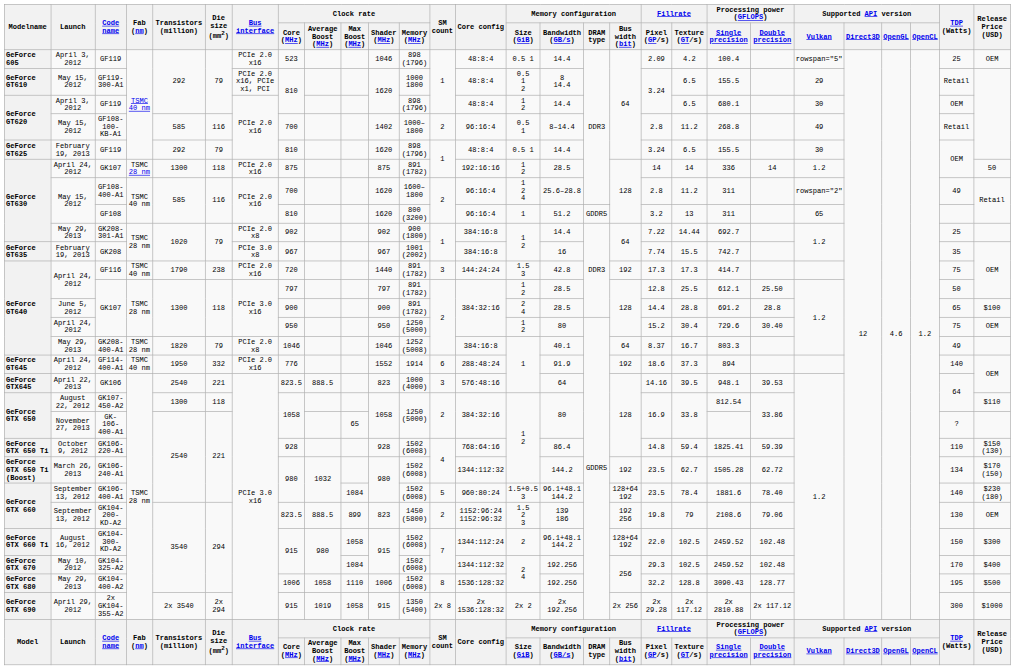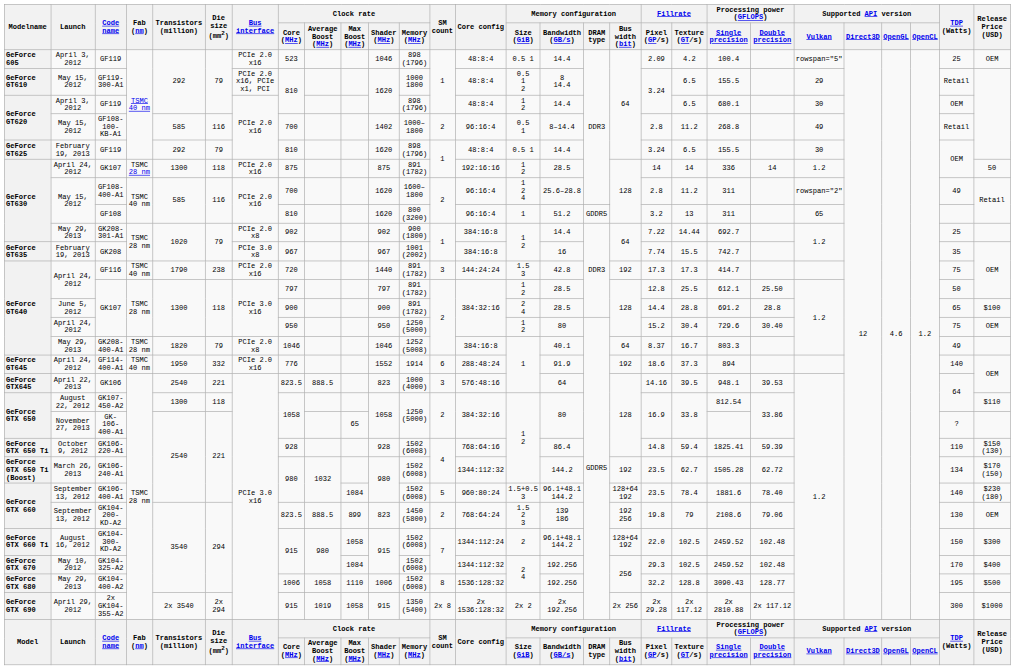 <table class="mw-datatable wikitable sortable sort-under" style="font-size:85%; text-align:center;">
 <tr>
 <th rowspan="2">Modelname</th>
 <th rowspan="2">Launch</th>
 <th rowspan="2"><a href='#'>Code name</a></th>
 <th rowspan="2">Fab (<a href='#'>nm</a>)</th>
 <th rowspan="2">Transistors (million)</th>
 <th rowspan="2">Die size (mm<sup>2</sup>)</th>
 <th rowspan="2"><a href='#'>Bus</a> <a href='#'>interface</a></th>
 <th colspan="5">Clock rate</th>
 <th rowspan="2">SM count</th>
 <th rowspan="2">Core config </th>
 <th colspan="4">Memory configuration</th>
 <th colspan="2"><a href='#'>Fillrate</a></th>
 <th colspan="2">Processing power (<a href='#'>GFLOPS</a>) </th>
 <th colspan="4">Supported <a href='#'>API</a> version</th>
 <th rowspan="2"><a href='#'>TDP</a> (Watts)</th>
 <th rowspan="2">Release Price (USD)</th>
 </tr>
 <tr>
 <th>Core (<a href='#'>MHz</a>)</th>
 <th>Average Boost (<a href='#'>MHz</a>)</th>
 <th>Max Boost (<a href='#'>MHz</a>)</th>
 <th>Shader (<a href='#'>MHz</a>)</th>
 <th>Memory (<a href='#'>MHz</a>)</th>
 <th>Size (<a href='#'>GiB</a>)</th>
 <th>Bandwidth (<a href='#'>GB/s</a>)</th>
 <th>DRAM type</th>
 <th>Bus width (<a href='#'>bit</a>)</th>
 <th>Pixel (<a href='#'>GP</a>/s)</th>
 <th>Texture (<a href='#'>GT</a>/s)</th>
 <th><a href='#'>Single precision</a></th>
 <th><a href='#'>Double precision</a></th>
 <th><a href='#'>Vulkan</a> </th>
 <th><a href='#'>Direct3D</a></th>
 <th><a href='#'>OpenGL</a></th>
 <th><a href='#'>OpenCL</a></th>
 </tr>
 <tr>
 <th style="text-align:left;">GeForce 605 </th>
 <td>April 3, 2012</td>
 <td>GF119</td>
 <td rowspan="5"><a href='#'>TSMC</a> <br><a href='#'>40 nm</a></td>
 <td rowspan="3">292</td>
 <td rowspan="3">79</td>
 <td>PCIe 2.0 x16</td>
 <td>523</td>
 <td></td>
 <td></td>
 <td>1046</td>
 <td>898<br>(1796)</td>
 <td rowspan="3">1</td>
 <td>48:8:4</td>
 <td>0.5 1</td>
 <td>14.4</td>
 <td rowspan="7">DDR3</td>
 <td rowspan="5">64</td>
 <td>2.09</td>
 <td>4.2</td>
 <td>100.4</td>
 <td></td>
 <td>rowspan="5" </td>
 <td rowspan="27">12</td>
 <td rowspan="27">4.6</td>
 <td rowspan="27">1.2</td>
 <td>25</td>
 <td>OEM</td>
 </tr>
 <tr>
 <th style="text-align:left;">GeForce GT610 </th>
 <td>May 15, 2012</td>
 <td>GF119-300-A1</td>
 <td>PCIe 2.0 x16, PCIe x1, PCI</td>
 <td rowspan="2">810</td>
 <td></td>
 <td></td>
 <td rowspan="2">1620</td>
 <td>1000<br>1800</td>
 <td>48:8:4</td>
 <td>0.5<br>1<br>2</td>
 <td>8<br>14.4</td>
 <td rowspan="2">3.24</td>
 <td>6.5</td>
 <td>155.5</td>
 <td></td>
 <td>29</td>
 <td>Retail</td>
 </tr>
 <tr>
 <th rowspan="2" style="text-align:left;">GeForce GT620 </th>
 <td>April 3, 2012</td>
 <td>GF119</td>
 <td rowspan="3">PCIe 2.0 x16</td>
 <td></td>
 <td></td>
 <td>898<br>(1796)</td>
 <td>48:8:4</td>
 <td>1<br>2</td>
 <td>14.4</td>
 <td>6.5</td>
 <td>680.1</td>
 <td></td>
 <td>30</td>
 <td>OEM</td>
 </tr>
 <tr>
 <td>May 15, 2012</td>
 <td>GF108-100-KB-A1</td>
 <td>585</td>
 <td>116</td>
 <td>700</td>
 <td></td>
 <td></td>
 <td>1402</td>
 <td>1000–1800</td>
 <td>2</td>
 <td>96:16:4</td>
 <td>0.5<br>1</td>
 <td>8–14.4</td>
 <td>2.8</td>
 <td>11.2</td>
 <td>268.8</td>
 <td></td>
 <td>49</td>
 <td>Retail</td>
 </tr>
 <tr>
 <th style="text-align:left;">GeForce GT625</th>
 <td>February 19, 2013</td>
 <td>GF119</td>
 <td>292</td>
 <td>79</td>
 <td>810</td>
 <td></td>
 <td></td>
 <td>1620</td>
 <td>898<br>(1796)</td>
 <td rowspan="2">1</td>
 <td>48:8:4</td>
 <td>0.5 1</td>
 <td>14.4</td>
 <td>3.24</td>
 <td>6.5</td>
 <td>155.5</td>
 <td></td>
 <td>30</td>
 <td rowspan="2">OEM</td>
 </tr>
 <tr>
 <th rowspan="4" style="text-align:left;">GeForce GT630 </th>
 <td>April 24, 2012</td>
 <td>GK107</td>
 <td>TSMC <a href='#'>28 nm</a></td>
 <td>1300</td>
 <td>118</td>
 <td>PCIe 2.0 x16</td>
 <td>875</td>
 <td></td>
 <td></td>
 <td>875</td>
 <td>891<br>(1782)</td>
 <td>192:16:16</td>
 <td>1<br>2</td>
 <td>28.5</td>
 <td rowspan="3">128</td>
 <td>14</td>
 <td>14</td>
 <td>336</td>
 <td>14</td>
 <td>1.2</td>
 <td>50</td>
 </tr>
 <tr>
 <td rowspan="2">May 15, 2012</td>
 <td>GF108-400-A1</td>
 <td rowspan="2">TSMC <br>40 nm</td>
 <td rowspan="2">585</td>
 <td rowspan="2">116</td>
 <td rowspan="2">PCIe 2.0 x16</td>
 <td>700</td>
 <td></td>
 <td></td>
 <td>1620</td>
 <td>1600–1800</td>
 <td rowspan="2">2</td>
 <td>96:16:4</td>
 <td>1<br>2<br>4</td>
 <td>25.6–28.8</td>
 <td>2.8</td>
 <td>11.2</td>
 <td>311</td>
 <td></td>
 <td>rowspan="2" </td>
 <td>49</td>
 <td rowspan="2">Retail</td>
 </tr>
 <tr>
 <td>GF108</td>
 <td>810</td>
 <td></td>
 <td></td>
 <td>1620</td>
 <td>800<br>(3200)</td>
 <td>96:16:4</td>
 <td>1</td>
 <td>51.2</td>
 <td>GDDR5</td>
 <td>3.2</td>
 <td>13</td>
 <td>311</td>
 <td></td>
 <td>65</td>
 </tr>
 <tr>
 <td>May 29, 2013</td>
 <td>GK208-301-A1</td>
 <td rowspan="2">TSMC <br>28 nm</td>
 <td rowspan="2">1020</td>
 <td rowspan="2">79</td>
 <td>PCIe 2.0 x8</td>
 <td>902</td>
 <td></td>
 <td></td>
 <td>902</td>
 <td>900<br>(1800)</td>
 <td rowspan="2">1</td>
 <td>384:16:8</td>
 <td rowspan="2">1<br>2</td>
 <td>14.4</td>
 <td rowspan="5">DDR3</td>
 <td rowspan="2">64</td>
 <td>7.22</td>
 <td>14.44</td>
 <td>692.7</td>
 <td></td>
 <td rowspan="2">1.2</td>
 <td>25</td>
 <td></td>
 </tr>
 <tr>
 <th style="text-align:left;">GeForce GT635</th>
 <td>February 19, 2013</td>
 <td>GK208</td>
 <td>PCIe 3.0 x8</td>
 <td>967</td>
 <td></td>
 <td></td>
 <td>967</td>
 <td>1001<br>(2002)</td>
 <td>384:16:8</td>
 <td>16</td>
 <td>7.74</td>
 <td>15.5</td>
 <td>742.7</td>
 <td></td>
 <td>35</td>
 <td rowspan="3">OEM</td>
 </tr>
 <tr>
 <th rowspan="5" style="text-align:left;">GeForce GT640 </th>
 <td rowspan="2">April 24, 2012</td>
 <td>GF116</td>
 <td>TSMC <br>40 nm</td>
 <td>1790</td>
 <td>238</td>
 <td>PCIe 2.0 x16</td>
 <td>720</td>
 <td></td>
 <td></td>
 <td>1440</td>
 <td>891<br>(1782)</td>
 <td>3</td>
 <td>144:24:24</td>
 <td>1.5<br>3</td>
 <td>42.8</td>
 <td>192</td>
 <td>17.3</td>
 <td>17.3</td>
 <td>414.7</td>
 <td></td>
 <td></td>
 <td>75</td>
 </tr>
 <tr>
 <td rowspan="3">GK107</td>
 <td rowspan="3">TSMC <br>28 nm</td>
 <td rowspan="3">1300</td>
 <td rowspan="3">118</td>
 <td rowspan="3">PCIe 3.0 x16</td>
 <td>797</td>
 <td></td>
 <td></td>
 <td>797</td>
 <td>891<br>(1782)</td>
 <td rowspan="4">2</td>
 <td rowspan="3">384:32:16</td>
 <td>1<br>2</td>
 <td>28.5</td>
 <td rowspan="3">128</td>
 <td>12.8</td>
 <td>25.5</td>
 <td>612.1</td>
 <td>25.50</td>
 <td rowspan="4">1.2</td>
 <td>50</td>
 </tr>
 <tr>
 <td>June 5, 2012</td>
 <td>900</td>
 <td></td>
 <td></td>
 <td>900</td>
 <td>891<br>(1782)</td>
 <td>2<br>4</td>
 <td>28.5</td>
 <td>14.4</td>
 <td>28.8</td>
 <td>691.2</td>
 <td>28.8</td>
 <td>65</td>
 <td>$100</td>
 </tr>
 <tr>
 <td>April 24, 2012</td>
 <td>950</td>
 <td></td>
 <td></td>
 <td>950</td>
 <td>1250<br>(5000)</td>
 <td>1<br>2</td>
 <td>80</td>
 <td rowspan="14">GDDR5</td>
 <td>15.2</td>
 <td>30.4</td>
 <td>729.6</td>
 <td>30.40</td>
 <td>75</td>
 <td>OEM</td>
 </tr>
 <tr>
 <td>May 29, 2013</td>
 <td>GK208-400-A1</td>
 <td>TSMC <br>28 nm</td>
 <td>1820</td>
 <td>79</td>
 <td>PCIe 2.0 x8</td>
 <td>1046</td>
 <td></td>
 <td></td>
 <td>1046</td>
 <td>1252<br>(5008)</td>
 <td>384:16:8</td>
 <td rowspan="3">1</td>
 <td>40.1</td>
 <td>64</td>
 <td>8.37</td>
 <td>16.7</td>
 <td>803.3</td>
 <td></td>
 <td>49</td>
 <td></td>
 </tr>
 <tr>
 <th style="text-align:left;">GeForce GT645 </th>
 <td>April 24, 2012</td>
 <td>GF114-400-A1</td>
 <td>TSMC <br>40 nm</td>
 <td>1950</td>
 <td>332</td>
 <td>PCIe 2.0 x16</td>
 <td>776</td>
 <td></td>
 <td></td>
 <td>1552</td>
 <td>1914</td>
 <td>6</td>
 <td>288:48:24</td>
 <td>91.9</td>
 <td>192</td>
 <td>18.6</td>
 <td>37.3</td>
 <td>894</td>
 <td></td>
 <td></td>
 <td>140</td>
 <td rowspan="2">OEM</td>
 </tr>
 <tr>
 <th style="text-align:left;">GeForce GTX645</th>
 <td>April 22, 2013</td>
 <td>GK106</td>
 <td rowspan="11">TSMC <br>28 nm</td>
 <td>2540</td>
 <td>221</td>
 <td rowspan="11">PCIe 3.0 x16</td>
 <td>823.5</td>
 <td>888.5</td>
 <td></td>
 <td>823</td>
 <td>1000<br>(4000)</td>
 <td>3</td>
 <td>576:48:16</td>
 <td>64</td>
 <td rowspan="4">128</td>
 <td>14.16</td>
 <td>39.5</td>
 <td>948.1</td>
 <td>39.53</td>
 <td rowspan="11">1.2</td>
 <td rowspan="2">64</td>
 </tr>
 <tr>
 <th rowspan="2" style="text-align:left;">GeForce GTX 650</th>
 <td>August 22, 2012</td>
 <td>GK107-450-A2</td>
 <td>1300</td>
 <td>118</td>
 <td rowspan="2">1058</td>
 <td></td>
 <td></td>
 <td rowspan="2">1058</td>
 <td rowspan="2">1250<br>(5000)</td>
 <td rowspan="2">2</td>
 <td rowspan="2">384:32:16</td>
 <td rowspan="4">1<br>2</td>
 <td rowspan="2">80</td>
 <td rowspan="2">16.9</td>
 <td rowspan="2">33.8</td>
 <td>812.54</td>
 <td rowspan="2">33.86</td>
 <td>$110</td>
 </tr>
 <tr>
 <td>November 27, 2013 </td>
 <td>GK-106-400-A1</td>
 <td rowspan="4">2540</td>
 <td rowspan="4">221</td>
 <td></td>
 <td>65</td>
 <td></td>
 <td>?</td>
 </tr>
 <tr>
 <th style="text-align:left;">GeForce GTX 650 Ti</th>
 <td>October 9, 2012</td>
 <td>GK106-220-A1</td>
 <td>928</td>
 <td></td>
 <td></td>
 <td>928</td>
 <td>1502<br>(6008)</td>
 <td rowspan="2">4</td>
 <td>768:64:16</td>
 <td>86.4</td>
 <td>14.8</td>
 <td>59.4</td>
 <td>1825.41</td>
 <td>59.39</td>
 <td>110</td>
 <td>$150 (130)</td>
 </tr>
 <tr>
 <th style="text-align:left;">GeForce GTX 650 Ti (Boost)</th>
 <td>March 26, 2013</td>
 <td>GK106-240-A1</td>
 <td rowspan="2">980</td>
 <td rowspan="2">1032</td>
 <td></td>
 <td rowspan="2">980</td>
 <td>1502<br>(6008)</td>
 <td>1344:112:32</td>
 <td>144.2</td>
 <td>192</td>
 <td>23.5</td>
 <td>62.7</td>
 <td>1505.28</td>
 <td>62.72</td>
 <td>134</td>
 <td>$170 (150)</td>
 </tr>
 <tr>
 <th rowspan="2" style="text-align:left;">GeForce GTX 660</th>
 <td>September 13, 2012</td>
 <td>GK106-400-A1</td>
 <td>1084</td>
 <td>1502<br>(6008)</td>
 <td>5</td>
 <td>960:80:24</td>
 <td>1.5+0.5<br>3</td>
 <td>96.1+48.1<br>144.2</td>
 <td>128+64<br>192</td>
 <td>23.5</td>
 <td>78.4</td>
 <td>1881.6</td>
 <td>78.40</td>
 <td>140</td>
 <td>$230 (180)</td>
 </tr>
 <tr>
 <td>September 13, 2012</td>
 <td>GK104-200-KD-A2</td>
 <td rowspan="4">3540</td>
 <td rowspan="4">294</td>
 <td>823.5</td>
 <td>888.5</td>
 <td>899</td>
 <td>823</td>
 <td>1450<br>(5800)</td>
 <td>2</td>
-<td>1152:96:24<br>1152:96:32</td>
+<td>768:64:24</td>
 <td>1.5<br>2<br>3</td>
 <td>139 <br> 186</td>
 <td>192<br>256</td>
 <td>19.8</td>
 <td>79</td>
 <td>2108.6</td>
 <td>79.06</td>
 <td>130</td>
 <td>OEM</td>
 </tr>
 <tr>
 <th style="text-align:left;">GeForce GTX 660 Ti</th>
 <td>August 16, 2012</td>
 <td>GK104-300-KD-A2</td>
 <td rowspan="2">915</td>
 <td rowspan="2">980</td>
 <td>1058</td>
 <td rowspan="2">915</td>
 <td>1502<br>(6008)</td>
 <td rowspan="2">7</td>
 <td>1344:112:24</td>
 <td>2</td>
 <td>96.1+48.1<br>144.2</td>
 <td>128+64<br>192</td>
 <td>22.0</td>
 <td>102.5</td>
 <td>2459.52</td>
 <td>102.48</td>
 <td>150</td>
 <td>$300</td>
 </tr>
 <tr>
 <th style="text-align:left;">GeForce GTX 670</th>
 <td>May 10, 2012</td>
 <td>GK104-325-A2</td>
 <td>1084</td>
 <td>1502<br>(6008)</td>
 <td>1344:112:32</td>
 <td rowspan="2">2<br>4</td>
 <td>192.256</td>
 <td rowspan="2">256</td>
 <td>29.3</td>
 <td>102.5</td>
 <td>2459.52</td>
 <td>102.48</td>
 <td>170</td>
 <td>$400</td>
 </tr>
 <tr>
 <th style="text-align:left;">GeForce GTX 680</th>
 <td>May 29, 2013</td>
 <td>GK104-400-A2</td>
 <td>1006 </td>
 <td>1058</td>
 <td>1110</td>
 <td>1006</td>
 <td>1502<br>(6008)</td>
 <td>8</td>
 <td>1536:128:32</td>
 <td>192.256</td>
 <td>32.2</td>
 <td>128.8</td>
 <td>3090.43</td>
 <td>128.77</td>
 <td>195</td>
 <td>$500</td>
 </tr>
 <tr>
 <th style="text-align:left;">GeForce GTX 690</th>
 <td>April 29, 2012</td>
 <td>2x GK104-355-A2</td>
 <td>2x 3540</td>
 <td>2x 294</td>
 <td>915</td>
 <td>1019</td>
 <td>1058</td>
 <td>915</td>
 <td>1350<br>(5400)</td>
 <td>2x 8</td>
 <td>2x 1536:128:32</td>
 <td>2x 2</td>
 <td>2x 192.256</td>
 <td>2x 256</td>
 <td>2x 29.28</td>
 <td>2x 117.12</td>
 <td>2x 2810.88</td>
 <td>2x 117.12</td>
 <td>300</td>
 <td>$1000</td>
 </tr>
 <tr>
 <th rowspan="2">Model</th>
 <th rowspan="2">Launch</th>
 <th rowspan="2"><a href='#'>Code name</a></th>
 <th rowspan="2">Fab (<a href='#'>nm</a>)</th>
 <th rowspan="2">Transistors (million)</th>
 <th rowspan="2">Die size (mm<sup>2</sup>)</th>
 <th rowspan="2"><a href='#'>Bus</a> <a href='#'>interface</a></th>
 <th colspan="5">Clock rate</th>
 <th rowspan="2">SM count</th>
 <th rowspan="2">Core config </th>
 <th colspan="4">Memory configuration</th>
 <th colspan="2"><a href='#'>Fillrate</a></th>
 <th colspan="2">Processing power (<a href='#'>GFLOPS</a>) </th>
 <th colspan="4">Supported <a href='#'>API</a> version</th>
 <th rowspan="2"><a href='#'>TDP</a> (Watts)</th>
 <th rowspan="2">Release Price (USD)</th>
 </tr>
 <tr>
 <th>Core (<a href='#'>MHz</a>)</th>
 <th>Average Boost (<a href='#'>MHz</a>)</th>
 <th>Max Boost (<a href='#'>MHz</a>)</th>
 <th>Shader (<a href='#'>MHz</a>)</th>
 <th>Memory (<a href='#'>MHz</a>)</th>
 <th>Size (<a href='#'>GiB</a>)</th>
 <th>Bandwidth (<a href='#'>GB/s</a>)</th>
 <th>DRAM type</th>
 <th>Bus width (<a href='#'>bit</a>)</th>
 <th>Pixel (<a href='#'>GP</a>/s)</th>
 <th>Texture (<a href='#'>GT</a>/s)</th>
 <th><a href='#'>Single precision</a></th>
 <th><a href='#'>Double precision</a></th>
 <th><a href='#'>Vulkan</a> </th>
 <th><a href='#'>Direct3D</a></th>
 <th><a href='#'>OpenGL</a></th>
 <th><a href='#'>OpenCL</a></th>
 </tr>
 </table>
